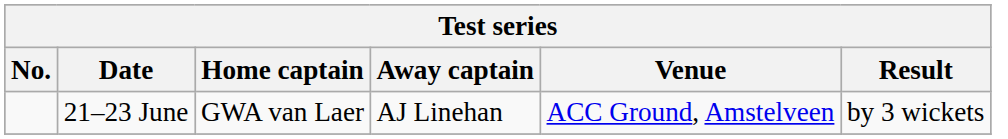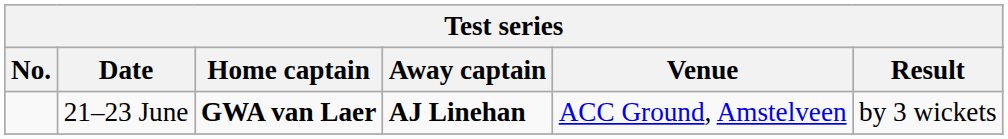 <table class="wikitable">
 <tr>
 <th colspan="9">Test series</th>
 </tr>
 <tr>
 <th>No.</th>
 <th>Date</th>
 <th>Home captain</th>
 <th>Away captain</th>
 <th>Venue</th>
 <th>Result</th>
 </tr>
 <tr>
 <td></td>
 <td>21–23 June</td>
-<td>GWA van Laer</td>
-<td>AJ Linehan</td>
+<td><strong>GWA van Laer</strong></td>
+<td><strong>AJ Linehan</strong></td>
 <td><a href='#'>ACC Ground</a>, <a href='#'>Amstelveen</a></td>
 <td> by 3 wickets</td>
 </tr>
 </table>
